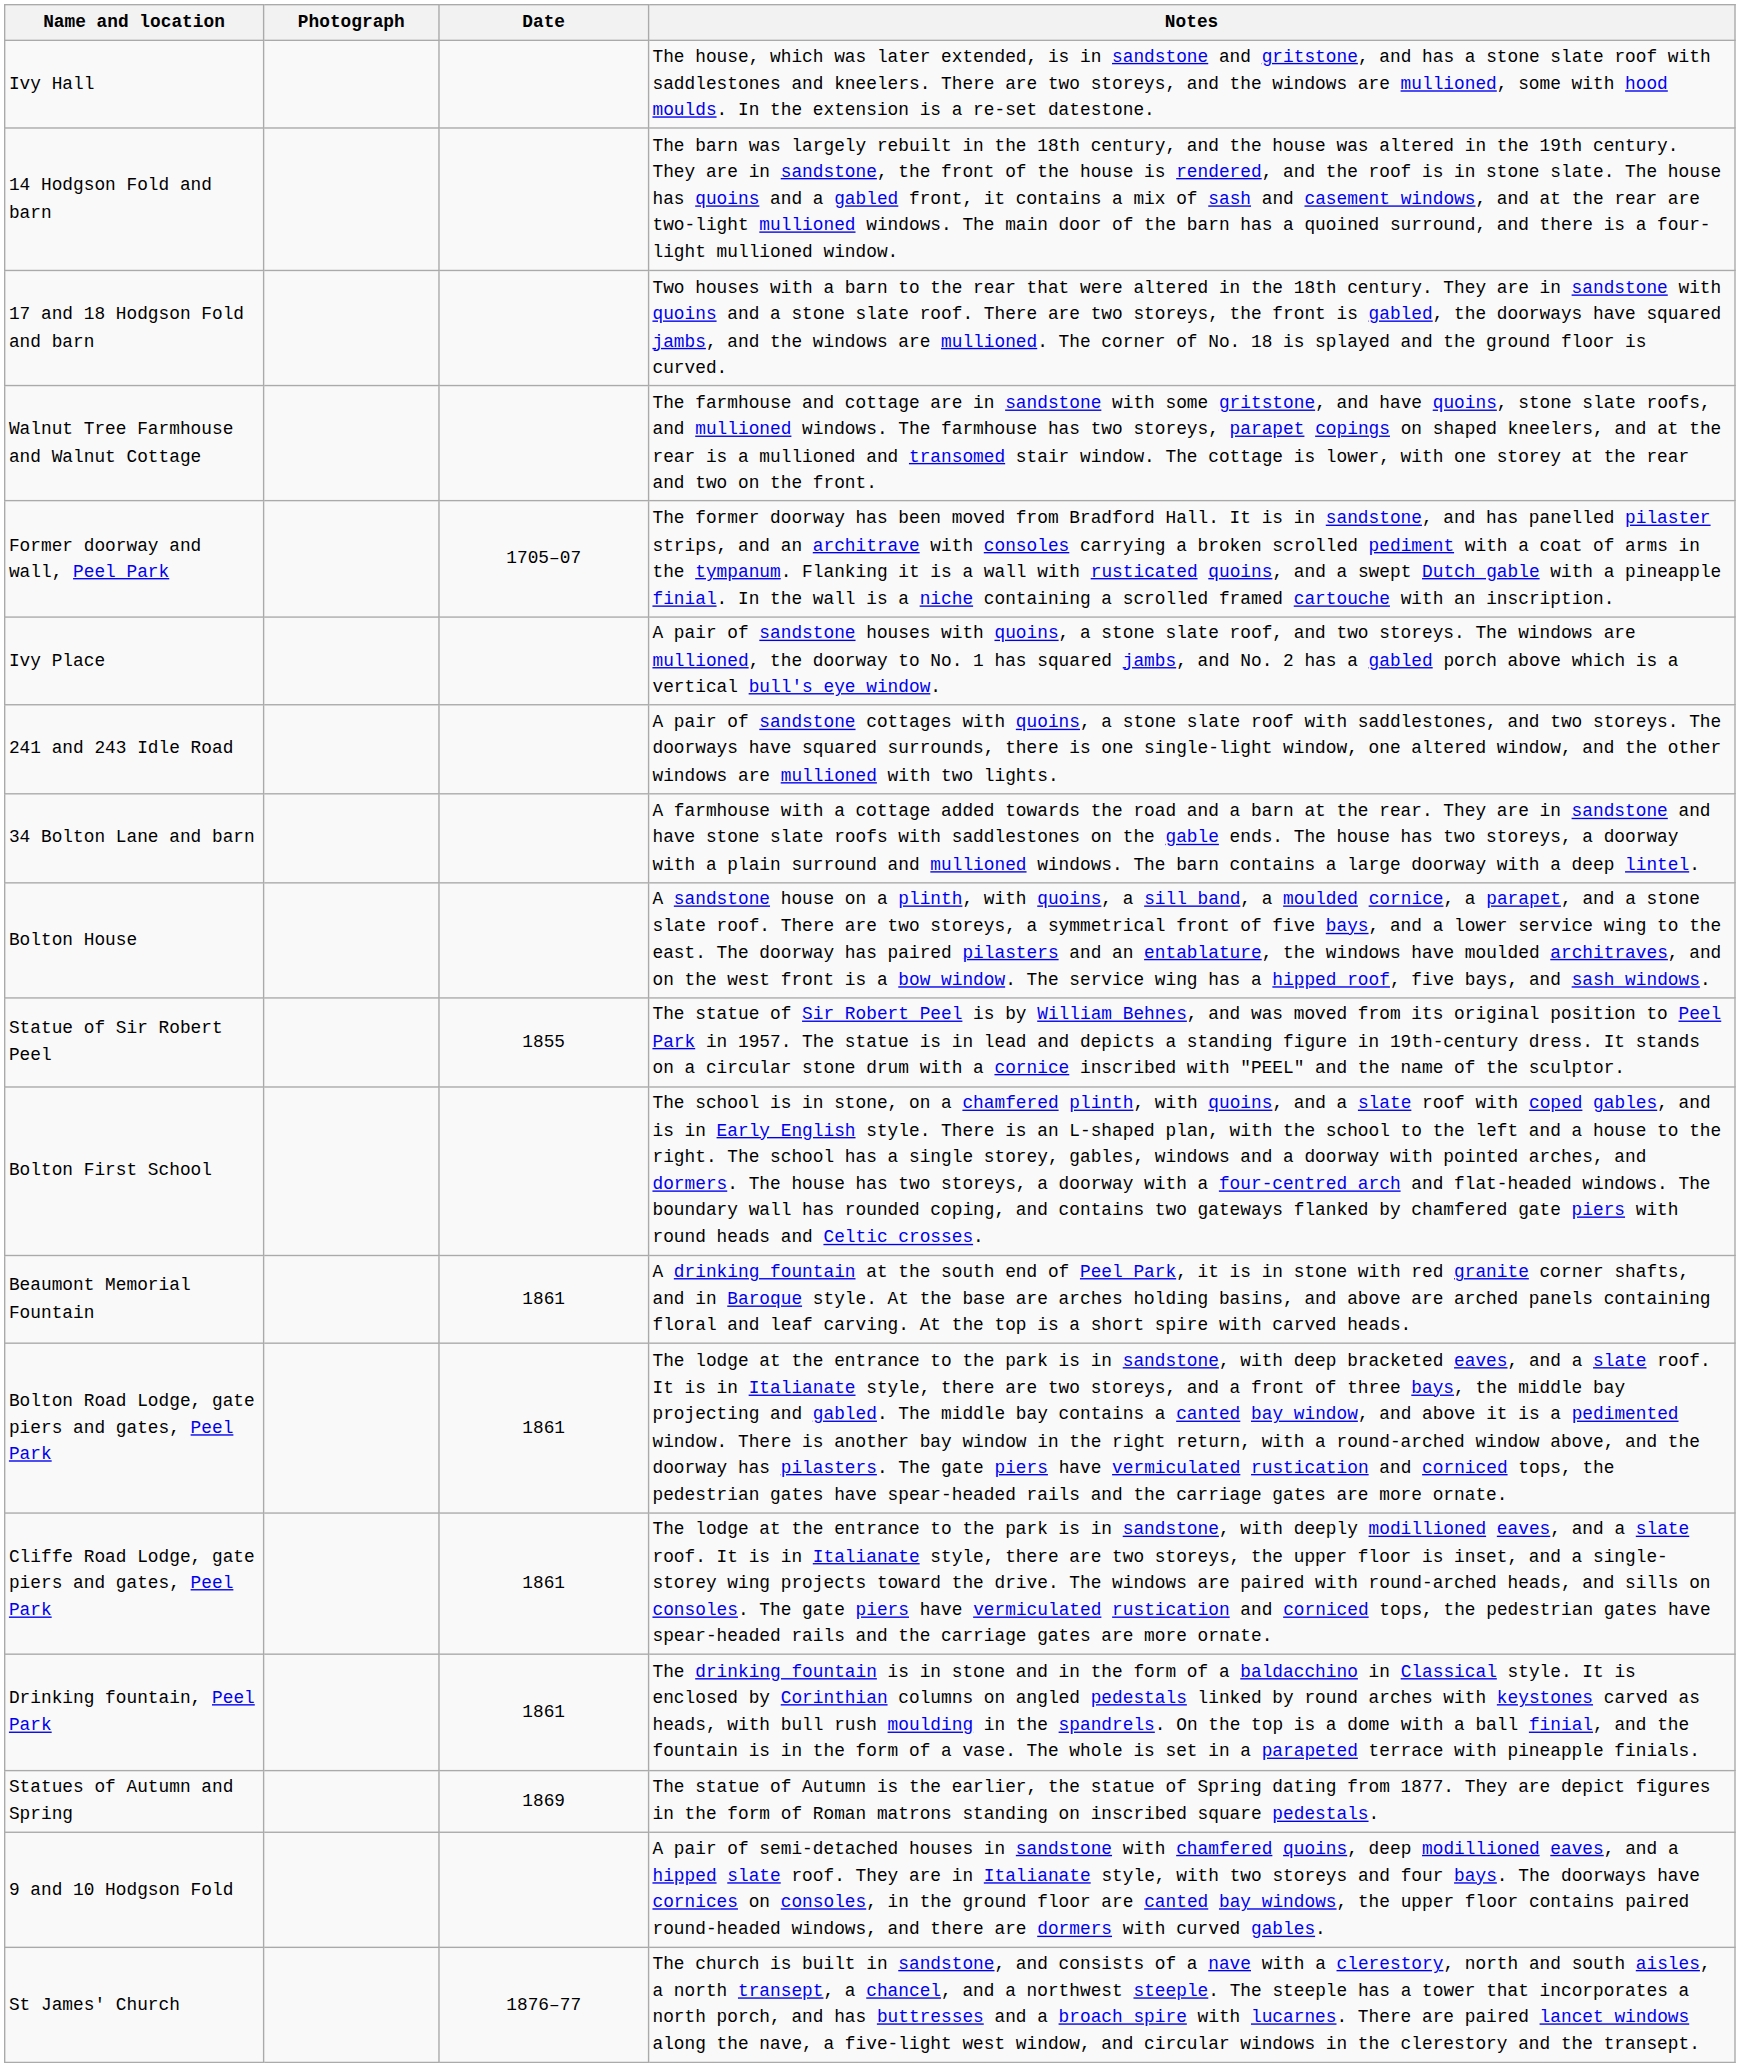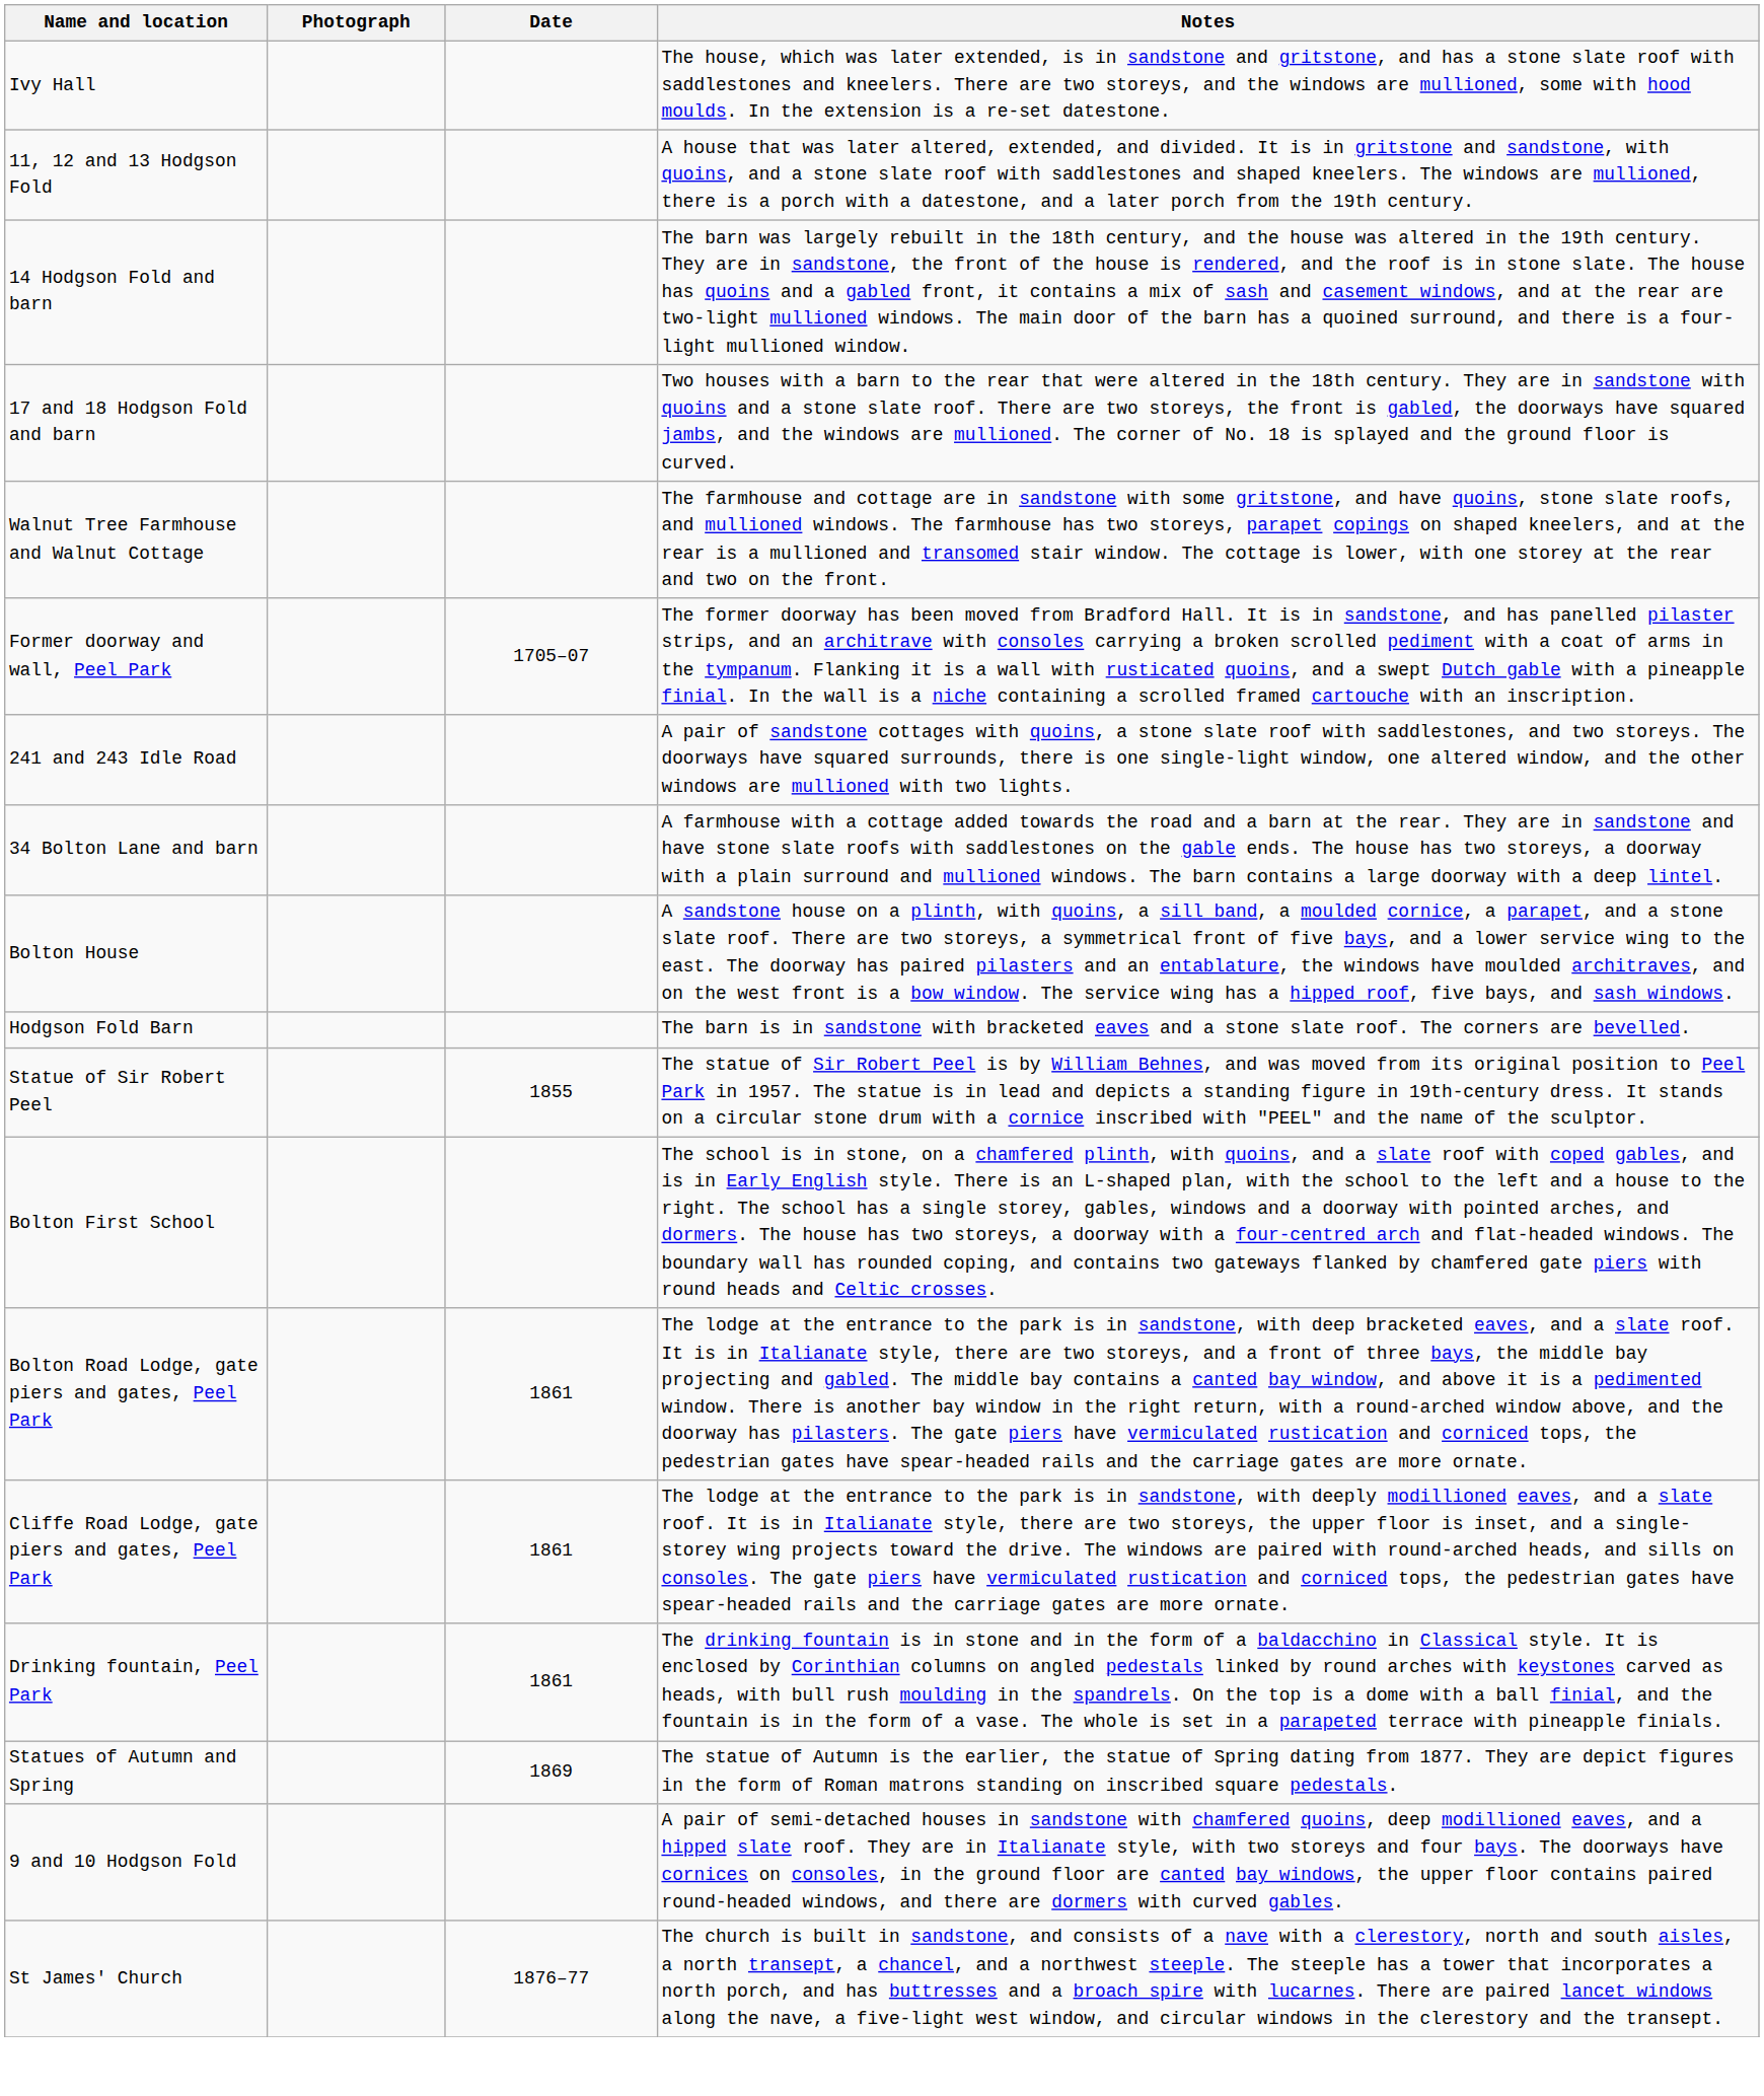 <table class="wikitable sortable plainrowheaders" style="width:100%;border:0px;text-align:left;line-height:150%;">
 <tr>
 <th scope="col"  style="width:150px">Name and location</th>
 <th scope="col"  style="width:100px" class="unsortable">Photograph</th>
 <th scope="col"  style="width:120px">Date</th>
 <th scope="col"  style="width:650px" class="unsortable">Notes</th>
 </tr>
 <tr>
 <td>Ivy Hall<br><small></small></td>
 <td></td>
 <td align="center"></td>
 <td>The house, which was later extended, is in <a href='#'>sandstone</a> and <a href='#'>gritstone</a>, and has a stone slate roof with saddlestones and kneelers.  There are two storeys, and the windows are <a href='#'>mullioned</a>, some with <a href='#'>hood moulds</a>.  In the extension is a re-set datestone.</td>
+</tr>
+<tr>
+<td>11, 12 and 13 Hodgson Fold<br><small></small></td>
+<td></td>
+<td align="center"></td>
+<td>A house that was later altered, extended, and divided.  It is in <a href='#'>gritstone</a> and <a href='#'>sandstone</a>, with <a href='#'>quoins</a>, and a stone slate roof with saddlestones and shaped kneelers.  The windows are <a href='#'>mullioned</a>, there is a porch with a datestone, and a later porch from the 19th century.</td>
 </tr>
 <tr>
 <td>14 Hodgson Fold and barn<br><small></small></td>
 <td></td>
 <td align="center"></td>
 <td>The barn was largely rebuilt in the 18th century, and the house was altered in the 19th century.  They are in <a href='#'>sandstone</a>, the front of the house is <a href='#'>rendered</a>, and the roof is in stone slate.  The house has <a href='#'>quoins</a> and a <a href='#'>gabled</a> front, it contains a mix of <a href='#'>sash</a> and <a href='#'>casement windows</a>, and at the rear are two-light <a href='#'>mullioned</a> windows.  The main door of the barn has a quoined surround, and there is a four-light mullioned window.</td>
 </tr>
 <tr>
 <td>17 and 18 Hodgson Fold and barn<br><small></small></td>
 <td></td>
 <td align="center"></td>
 <td>Two houses with a barn to the rear that were altered in the 18th century.  They are in <a href='#'>sandstone</a> with <a href='#'>quoins</a> and a stone slate roof.  There are two storeys, the front is <a href='#'>gabled</a>, the doorways have squared <a href='#'>jambs</a>, and the windows are <a href='#'>mullioned</a>.  The corner of No. 18 is splayed and the ground floor is curved.</td>
 </tr>
 <tr>
 <td>Walnut Tree Farmhouse and Walnut Cottage<br><small></small></td>
 <td></td>
 <td align="center"></td>
 <td>The farmhouse and cottage are in <a href='#'>sandstone</a> with some <a href='#'>gritstone</a>, and have <a href='#'>quoins</a>, stone slate roofs, and <a href='#'>mullioned</a> windows.  The farmhouse has two storeys, <a href='#'>parapet</a> <a href='#'>copings</a> on shaped kneelers, and at the rear is a mullioned and <a href='#'>transomed</a> stair window.  The cottage is lower, with one storey at the rear and two on the front.</td>
 </tr>
 <tr>
 <td>Former doorway and wall, <a href='#'>Peel Park</a><br><small></small></td>
 <td></td>
 <td align="center">1705–07</td>
 <td>The former doorway has been moved from Bradford Hall.  It is in <a href='#'>sandstone</a>, and has panelled <a href='#'>pilaster</a> strips, and an <a href='#'>architrave</a> with <a href='#'>consoles</a> carrying a broken scrolled <a href='#'>pediment</a> with a coat of arms in the <a href='#'>tympanum</a>.  Flanking it is a wall with <a href='#'>rusticated</a> <a href='#'>quoins</a>, and a swept <a href='#'>Dutch gable</a> with a pineapple <a href='#'>finial</a>.  In the wall is a <a href='#'>niche</a> containing a scrolled framed <a href='#'>cartouche</a> with an inscription.</td>
 </tr>
 <tr>
-<td>Ivy Place<br><small></small></td>
-<td></td>
-<td align="center"></td>
-<td>A pair of <a href='#'>sandstone</a> houses with <a href='#'>quoins</a>, a stone slate roof, and two storeys.  The windows are <a href='#'>mullioned</a>, the doorway to No. 1 has squared <a href='#'>jambs</a>, and No. 2 has a <a href='#'>gabled</a> porch above which is a vertical <a href='#'>bull's eye window</a>.</td>
-</tr>
-<tr>
 <td>241 and 243 Idle Road<br><small></small></td>
 <td></td>
 <td align="center"></td>
 <td>A pair of <a href='#'>sandstone</a> cottages with <a href='#'>quoins</a>, a stone slate roof with saddlestones, and two storeys.  The doorways have squared surrounds, there is one single-light window, one altered window, and the other windows are <a href='#'>mullioned</a> with two lights.</td>
 </tr>
 <tr>
 <td>34 Bolton Lane and barn<br><small></small></td>
 <td></td>
 <td align="center"></td>
 <td>A farmhouse with a cottage added towards the road and a barn at the rear.  They are in <a href='#'>sandstone</a> and have stone slate roofs with saddlestones on the <a href='#'>gable</a> ends.  The house has two storeys, a doorway with a plain surround and <a href='#'>mullioned</a> windows.  The barn contains a large doorway with a deep <a href='#'>lintel</a>.</td>
 </tr>
 <tr>
 <td>Bolton House<br><small></small></td>
 <td></td>
 <td align="center"></td>
 <td>A <a href='#'>sandstone</a> house on a <a href='#'>plinth</a>, with <a href='#'>quoins</a>, a <a href='#'>sill band</a>, a <a href='#'>moulded</a> <a href='#'>cornice</a>, a <a href='#'>parapet</a>, and a stone slate roof.  There are two storeys, a symmetrical front of five <a href='#'>bays</a>, and a lower service wing to the east.  The doorway has paired <a href='#'>pilasters</a> and an <a href='#'>entablature</a>, the windows have moulded <a href='#'>architraves</a>, and on the west front is a <a href='#'>bow window</a>.  The service wing has a <a href='#'>hipped roof</a>, five bays, and <a href='#'>sash windows</a>.</td>
 </tr>
 <tr>
+<td>Hodgson Fold Barn<br><small></small></td>
+<td></td>
+<td align="center"></td>
+<td>The barn is in <a href='#'>sandstone</a> with bracketed <a href='#'>eaves</a> and a stone slate roof.  The corners are <a href='#'>bevelled</a>.</td>
+</tr>
+<tr>
 <td>Statue of Sir Robert Peel<br><small></small></td>
 <td></td>
 <td align="center">1855</td>
 <td>The statue of <a href='#'>Sir Robert Peel</a> is by <a href='#'>William Behnes</a>, and was moved from its original position to <a href='#'>Peel Park</a> in 1957.  The statue is in lead and depicts a standing figure in 19th-century dress.  It stands on a circular stone drum with a <a href='#'>cornice</a> inscribed with "PEEL" and the name of the sculptor.</td>
 </tr>
 <tr>
 <td>Bolton First School<br><small></small></td>
 <td></td>
 <td align="center"></td>
 <td>The school is in stone, on a <a href='#'>chamfered</a> <a href='#'>plinth</a>, with <a href='#'>quoins</a>, and a <a href='#'>slate</a> roof with <a href='#'>coped</a> <a href='#'>gables</a>, and is in <a href='#'>Early English</a> style.  There is an L-shaped plan, with the school to the left and a house to the right.  The school has a single storey, gables, windows and a doorway with pointed arches, and <a href='#'>dormers</a>.  The house has two storeys, a doorway with a <a href='#'>four-centred arch</a> and flat-headed windows.  The boundary wall has rounded coping, and contains two gateways flanked by chamfered gate <a href='#'>piers</a> with round heads and <a href='#'>Celtic crosses</a>.</td>
-</tr>
-<tr>
-<td>Beaumont Memorial Fountain<br><small></small></td>
-<td></td>
-<td align="center">1861</td>
-<td>A <a href='#'>drinking fountain</a> at the south end of <a href='#'>Peel Park</a>, it is in stone with red <a href='#'>granite</a> corner shafts, and in <a href='#'>Baroque</a> style.  At the base are arches holding basins, and above are arched panels containing floral and leaf carving.  At the top is a short spire with carved heads.</td>
 </tr>
 <tr>
 <td>Bolton Road Lodge, gate piers and gates, <a href='#'>Peel Park</a><br><small></small></td>
 <td></td>
 <td align="center">1861</td>
 <td>The lodge at the entrance to the park is in <a href='#'>sandstone</a>, with deep bracketed <a href='#'>eaves</a>, and a <a href='#'>slate</a> roof.  It is in <a href='#'>Italianate</a> style, there are two storeys, and a front of three <a href='#'>bays</a>, the middle bay projecting and <a href='#'>gabled</a>.  The middle bay contains a <a href='#'>canted</a> <a href='#'>bay window</a>, and above it is a <a href='#'>pedimented</a> window.  There is another bay window in the right return, with a round-arched window above, and the doorway has <a href='#'>pilasters</a>.  The gate <a href='#'>piers</a> have <a href='#'>vermiculated</a> <a href='#'>rustication</a> and <a href='#'>corniced</a> tops, the pedestrian gates have spear-headed rails and the carriage gates are more ornate.</td>
 </tr>
 <tr>
 <td>Cliffe Road Lodge, gate piers and gates, <a href='#'>Peel Park</a><br><small></small></td>
 <td></td>
 <td align="center">1861</td>
 <td>The lodge at the entrance to the park is in <a href='#'>sandstone</a>, with deeply <a href='#'>modillioned</a> <a href='#'>eaves</a>, and a <a href='#'>slate</a> roof.  It is in <a href='#'>Italianate</a> style, there are two storeys, the upper floor is inset, and a single-storey wing projects toward the drive.  The windows are paired with round-arched heads, and sills on <a href='#'>consoles</a>.  The gate <a href='#'>piers</a> have <a href='#'>vermiculated</a> <a href='#'>rustication</a> and <a href='#'>corniced</a> tops, the pedestrian gates have spear-headed rails and the carriage gates are more ornate.</td>
 </tr>
 <tr>
 <td>Drinking fountain, <a href='#'>Peel Park</a><br><small></small></td>
 <td></td>
 <td align="center">1861</td>
 <td>The <a href='#'>drinking fountain</a> is in stone and in the form of a <a href='#'>baldacchino</a> in <a href='#'>Classical</a> style.  It is enclosed by <a href='#'>Corinthian</a> columns on angled <a href='#'>pedestals</a> linked by round arches with <a href='#'>keystones</a> carved as heads, with bull rush <a href='#'>moulding</a> in the <a href='#'>spandrels</a>.  On the top is a dome with a ball <a href='#'>finial</a>, and the fountain is in the form of a vase.  The whole is set in a <a href='#'>parapeted</a> terrace with pineapple finials.</td>
 </tr>
 <tr>
 <td>Statues of Autumn and Spring<br><small></small></td>
 <td></td>
 <td align="center">1869</td>
 <td>The statue of Autumn is the earlier, the statue of Spring dating from 1877.  They are depict figures in the form of Roman matrons standing on inscribed square <a href='#'>pedestals</a>.</td>
 </tr>
 <tr>
 <td>9 and 10 Hodgson Fold<br><small></small></td>
 <td></td>
 <td align="center"></td>
 <td>A pair of semi-detached houses in <a href='#'>sandstone</a> with <a href='#'>chamfered</a> <a href='#'>quoins</a>, deep <a href='#'>modillioned</a> <a href='#'>eaves</a>, and a <a href='#'>hipped</a> <a href='#'>slate</a> roof.  They are in <a href='#'>Italianate</a> style, with two storeys and four <a href='#'>bays</a>.  The doorways have <a href='#'>cornices</a> on <a href='#'>consoles</a>, in the ground floor are <a href='#'>canted</a> <a href='#'>bay windows</a>, the upper floor contains paired round-headed windows, and there are <a href='#'>dormers</a> with curved <a href='#'>gables</a>.</td>
 </tr>
 <tr>
 <td>St James' Church<br><small></small></td>
 <td></td>
 <td align="center">1876–77</td>
 <td>The church is built in <a href='#'>sandstone</a>, and consists of a <a href='#'>nave</a> with a <a href='#'>clerestory</a>, north and south <a href='#'>aisles</a>, a north <a href='#'>transept</a>, a <a href='#'>chancel</a>, and a northwest <a href='#'>steeple</a>.  The steeple has a tower that incorporates a north porch, and has <a href='#'>buttresses</a> and a <a href='#'>broach spire</a> with <a href='#'>lucarnes</a>.  There are paired <a href='#'>lancet windows</a> along the nave, a five-light west window, and circular windows in the clerestory and the transept.</td>
 </tr>
 <tr>
 </tr>
 </table>
